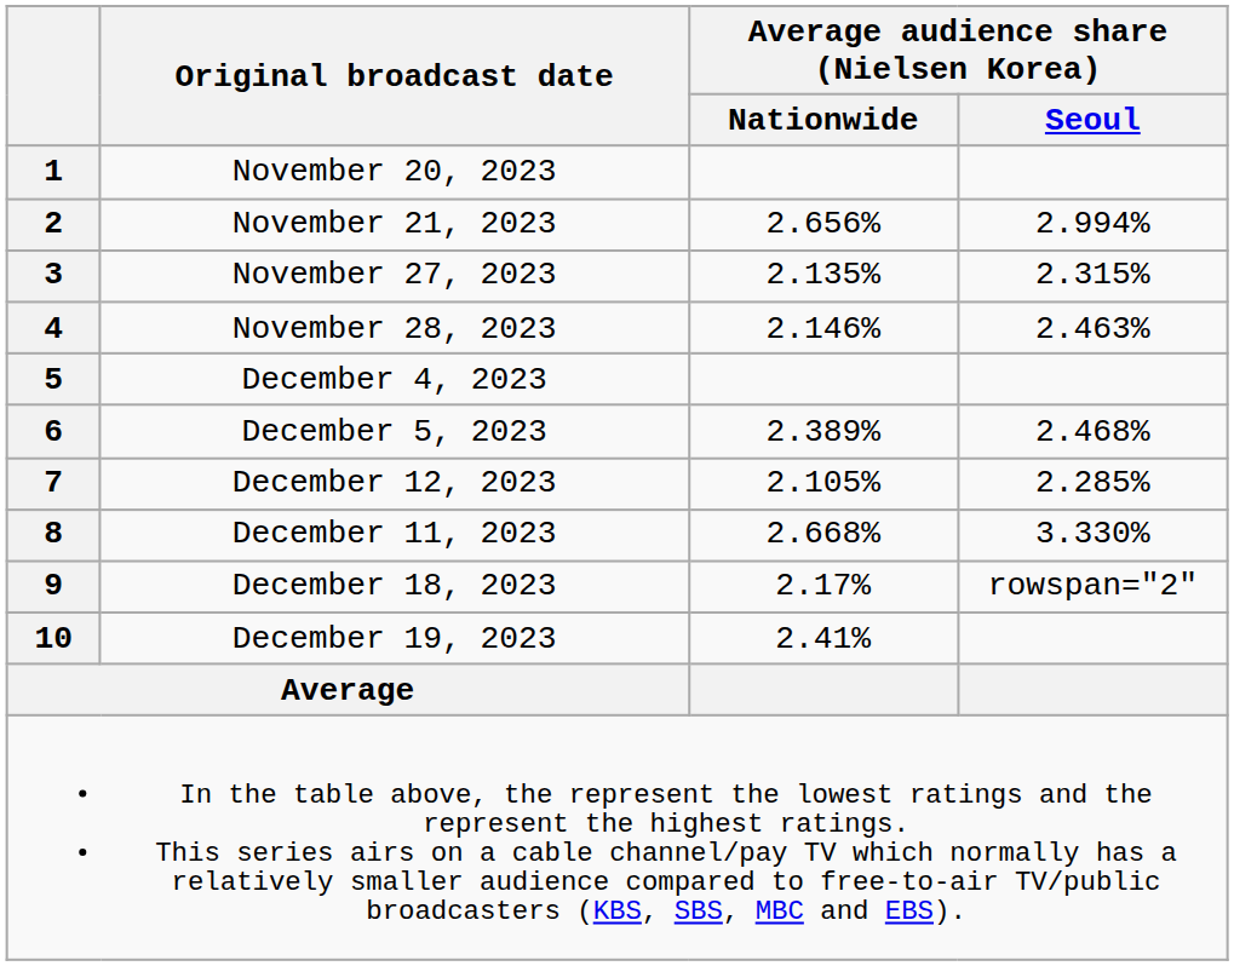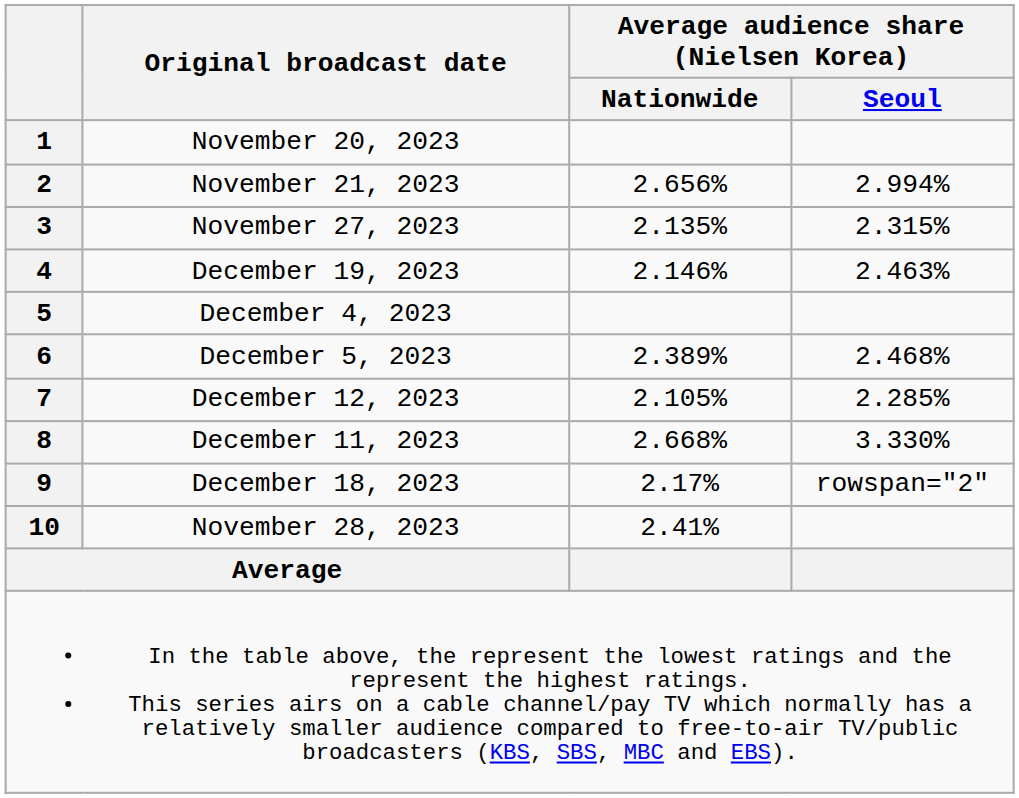 <table class="wikitable" style="margin-left:auto; margin-right:auto; width:500px; text-align:center">
 <tr>
 <th scope="col" rowspan="2"></th>
 <th scope="col" rowspan="2">Original broadcast date</th>
 <th scope="col" colspan="2">Average audience share<br>(Nielsen Korea)</th>
 </tr>
 <tr>
 <th scope="col" style="width:8em">Nationwide</th>
 <th scope="col" style="width:8em"><a href='#'>Seoul</a></th>
 </tr>
 <tr>
 <th scope="row">1</th>
 <td>November 20, 2023</td>
 <td><strong></strong> </td>
 <td><strong></strong> </td>
 </tr>
 <tr>
 <th scope="row">2</th>
 <td>November 21, 2023</td>
 <td>2.656% </td>
 <td>2.994% </td>
 </tr>
 <tr>
 <th scope="row">3</th>
 <td>November 27, 2023</td>
 <td>2.135% </td>
 <td>2.315% </td>
 </tr>
 <tr>
 <th scope="row">4</th>
-<td>November 28, 2023</td>
+<td>December 19, 2023</td>
 <td>2.146% </td>
 <td>2.463% </td>
 </tr>
 <tr>
 <th scope="row">5</th>
 <td>December 4, 2023</td>
 <td><strong></strong> </td>
 <td><strong></strong> </td>
 </tr>
 <tr>
 <th scope="row">6</th>
 <td>December 5, 2023</td>
 <td>2.389% </td>
 <td>2.468% </td>
 </tr>
 <tr>
 <th scope="row">7</th>
 <td>December 12, 2023</td>
 <td>2.105% </td>
 <td>2.285% </td>
 </tr>
 <tr>
 <th scope="row">8</th>
 <td>December 11, 2023</td>
 <td>2.668% </td>
 <td>3.330% </td>
 </tr>
 <tr>
 <th scope="row">9</th>
 <td>December 18, 2023</td>
 <td>2.17% </td>
 <td>rowspan="2" </td>
 </tr>
 <tr>
 <th scope="row">10</th>
-<td>December 19, 2023</td>
+<td>November 28, 2023</td>
 <td>2.41% </td>
 </tr>
 <tr>
 <th scope="row" colspan="2">Average</th>
 <th></th>
 <th></th>
 </tr>
 <tr>
 <td colspan="4" style="font-size:85%"><br><ul><li>In the table above, the <strong></strong> represent the lowest ratings and the <strong></strong> represent the highest ratings.</li><li>This series airs on a cable channel/pay TV which normally has a relatively smaller audience compared to free-to-air TV/public broadcasters (<a href='#'>KBS</a>, <a href='#'>SBS</a>, <a href='#'>MBC</a> and <a href='#'>EBS</a>).</li></ul></td>
 </tr>
 </table>
